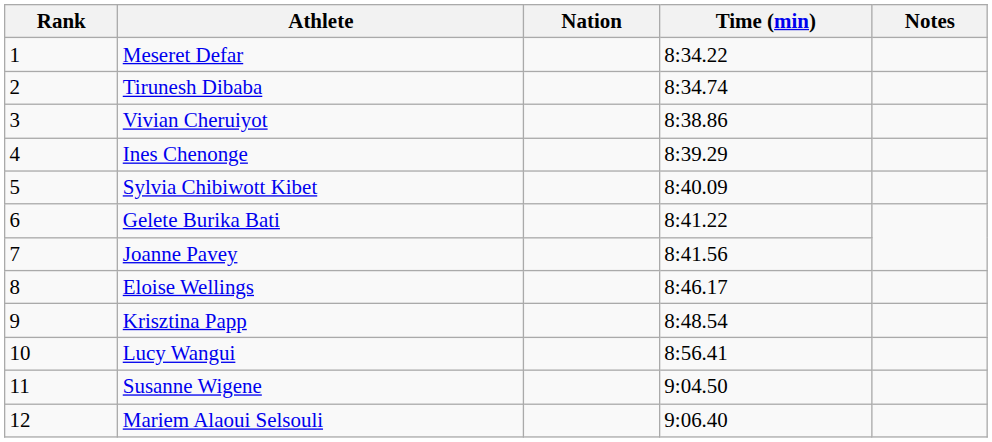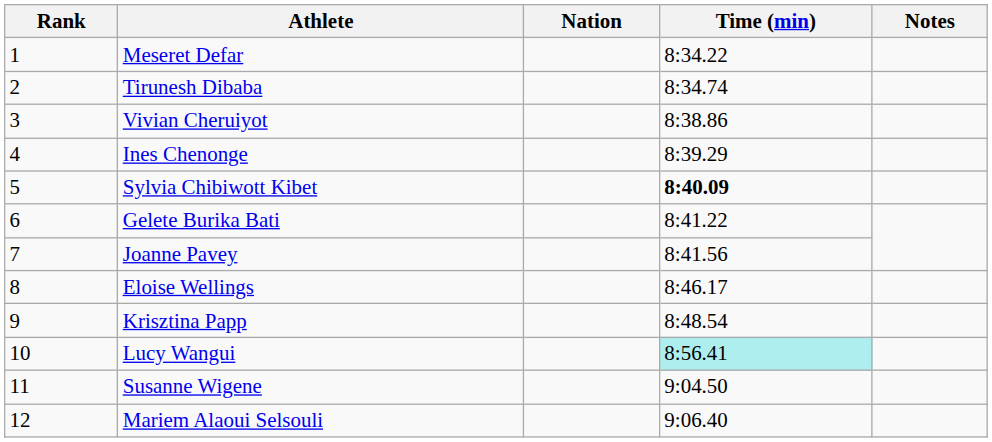 <table class="wikitable" style="text=align:center;" width=85%>
 <tr>
 <th>Rank</th>
 <th>Athlete</th>
 <th>Nation</th>
 <th>Time (<a href='#'>min</a>)</th>
 <th>Notes</th>
 </tr>
 <tr>
 <td>1</td>
 <td><a href='#'>Meseret Defar</a></td>
 <td></td>
 <td>8:34.22</td>
 <td></td>
 </tr>
 <tr>
 <td>2</td>
 <td><a href='#'>Tirunesh Dibaba</a></td>
 <td></td>
 <td>8:34.74</td>
 </tr>
 <tr>
 <td>3</td>
 <td><a href='#'>Vivian Cheruiyot</a></td>
 <td></td>
 <td>8:38.86</td>
 <td></td>
 </tr>
 <tr>
 <td>4</td>
 <td><a href='#'>Ines Chenonge</a></td>
 <td></td>
 <td>8:39.29</td>
 <td></td>
 </tr>
 <tr>
 <td>5</td>
 <td><a href='#'>Sylvia Chibiwott Kibet</a></td>
 <td></td>
-<td>8:40.09</td>
+<td><strong>8:40.09</strong></td>
 <td></td>
 </tr>
 <tr>
 <td>6</td>
 <td><a href='#'>Gelete Burika Bati</a></td>
 <td></td>
 <td>8:41.22</td>
 </tr>
 <tr>
 <td>7</td>
 <td><a href='#'>Joanne Pavey</a></td>
 <td></td>
 <td>8:41.56</td>
 </tr>
 <tr>
 <td>8</td>
 <td><a href='#'>Eloise Wellings</a></td>
 <td></td>
 <td>8:46.17</td>
 <td></td>
 </tr>
 <tr>
 <td>9</td>
 <td><a href='#'>Krisztina Papp</a></td>
 <td></td>
 <td>8:48.54</td>
 </tr>
 <tr>
 <td>10</td>
 <td><a href='#'>Lucy Wangui</a></td>
 <td></td>
-<td>8:56.41</td>
+<td style="background: paleturquoise;">8:56.41</td>
 <td></td>
 </tr>
 <tr>
 <td>11</td>
 <td><a href='#'>Susanne Wigene</a></td>
 <td></td>
 <td>9:04.50</td>
 <td></td>
 </tr>
 <tr>
 <td>12</td>
 <td><a href='#'>Mariem Alaoui Selsouli</a></td>
 <td></td>
 <td>9:06.40</td>
 </tr>
 </table>
